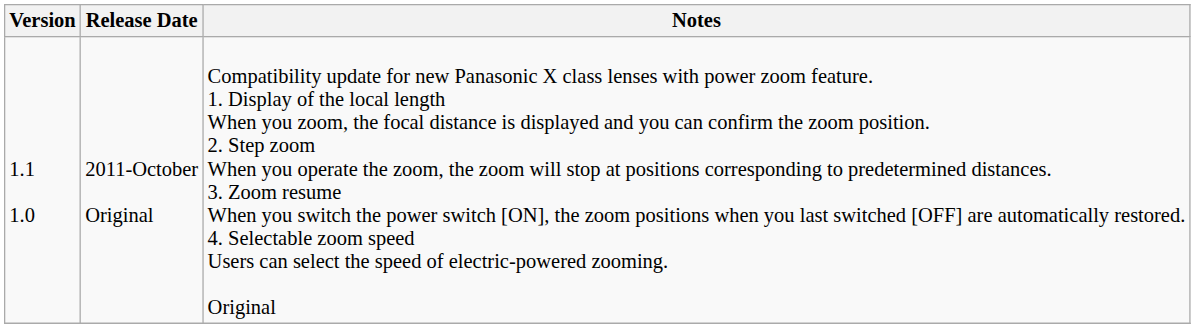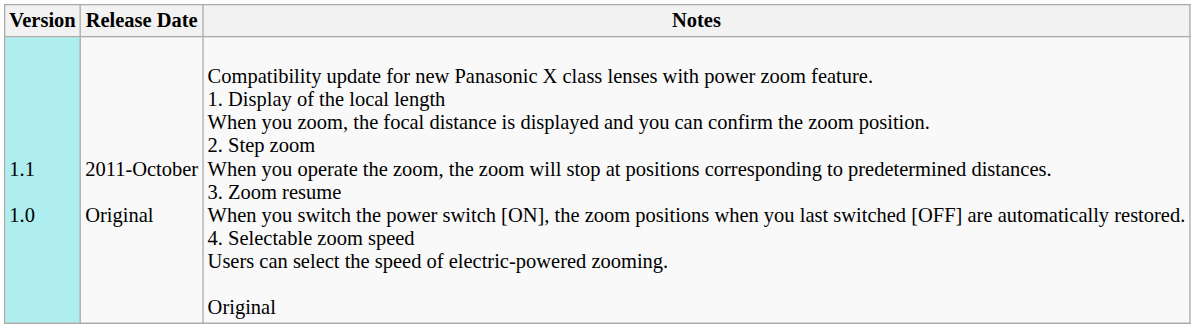 <table class="wikitable plainlinks" border="1">
 <tr>
 <th>Version</th>
 <th>Release Date</th>
 <th>Notes</th>
 </tr>
 <tr>
-<td><br>1.1<br><br> 1.0</td>
+<td style="background: paleturquoise;"><br>1.1<br><br> 1.0</td>
 <td><br>2011-October<br><br> Original</td>
 <td><br>Compatibility update for new Panasonic X class lenses with power zoom feature.<br> 1. Display of the local length<br> When you zoom, the focal distance is displayed and you can confirm the zoom position.<br> 2. Step zoom<br> When you operate the zoom, the zoom will stop at positions corresponding to predetermined distances.<br> 3. Zoom resume<br> When you switch the power switch [ON], the zoom positions when you last switched [OFF] are automatically restored.<br> 4. Selectable zoom speed<br> Users can select the speed of electric-powered zooming.<br> <br> Original</td>
 </tr>
 <tr>
 </tr>
 </table>
